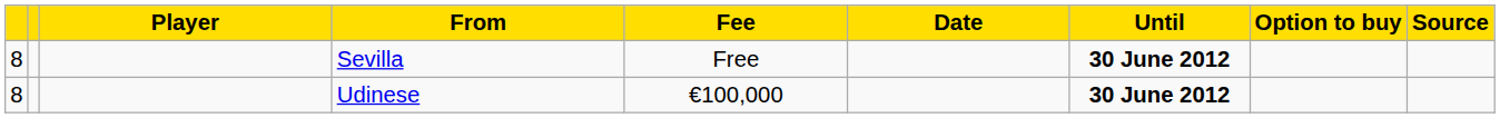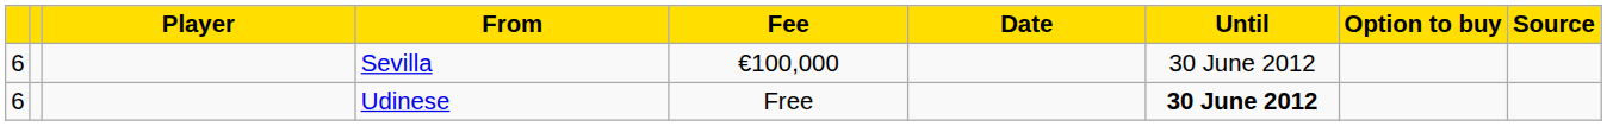 <table class="wikitable sortable">
 <tr>
 <th style="background:#FFDE00"></th>
 <th style="background:#FFDE00"></th>
 <th width=200 style="background:#FFDE00">Player</th>
 <th width=200 style="background:#FFDE00">From</th>
 <th width=150 style="background:#FFDE00">Fee</th>
 <th width=150 style="background:#FFDE00">Date</th>
 <th width=120 style="background:#FFDE00">Until</th>
 <th style="background:#FFDE00">Option to buy</th>
 <th style="background:#FFDE00">Source</th>
 </tr>
 <tr>
-<td align=center>8</td>
+<td align=center>6</td>
 <td align=center></td>
 <td></td>
 <td> <a href='#'>Sevilla</a></td>
+<td align=center>€100,000</td>
+<td align=center></td>
+<td align=center>30 June 2012</td>
+<td align=center></td>
+<td align=center></td>
+</tr>
+<tr>
+<td align=center>6</td>
+<td align=center></td>
+<td></td>
+<td> <a href='#'>Udinese</a></td>
 <td align=center>Free</td>
 <td align=center></td>
 <td align=center><strong>30 June 2012</strong></td>
 <td align=center></td>
 <td align=center></td>
 </tr>
-<tr>
-<td align=center>8</td>
-<td align=center></td>
-<td></td>
-<td> <a href='#'>Udinese</a></td>
-<td align=center>€100,000</td>
-<td align=center></td>
-<td align=center><strong>30 June 2012</strong></td>
-<td align=center></td>
-<td align=center></td>
-</tr>
 </table>
